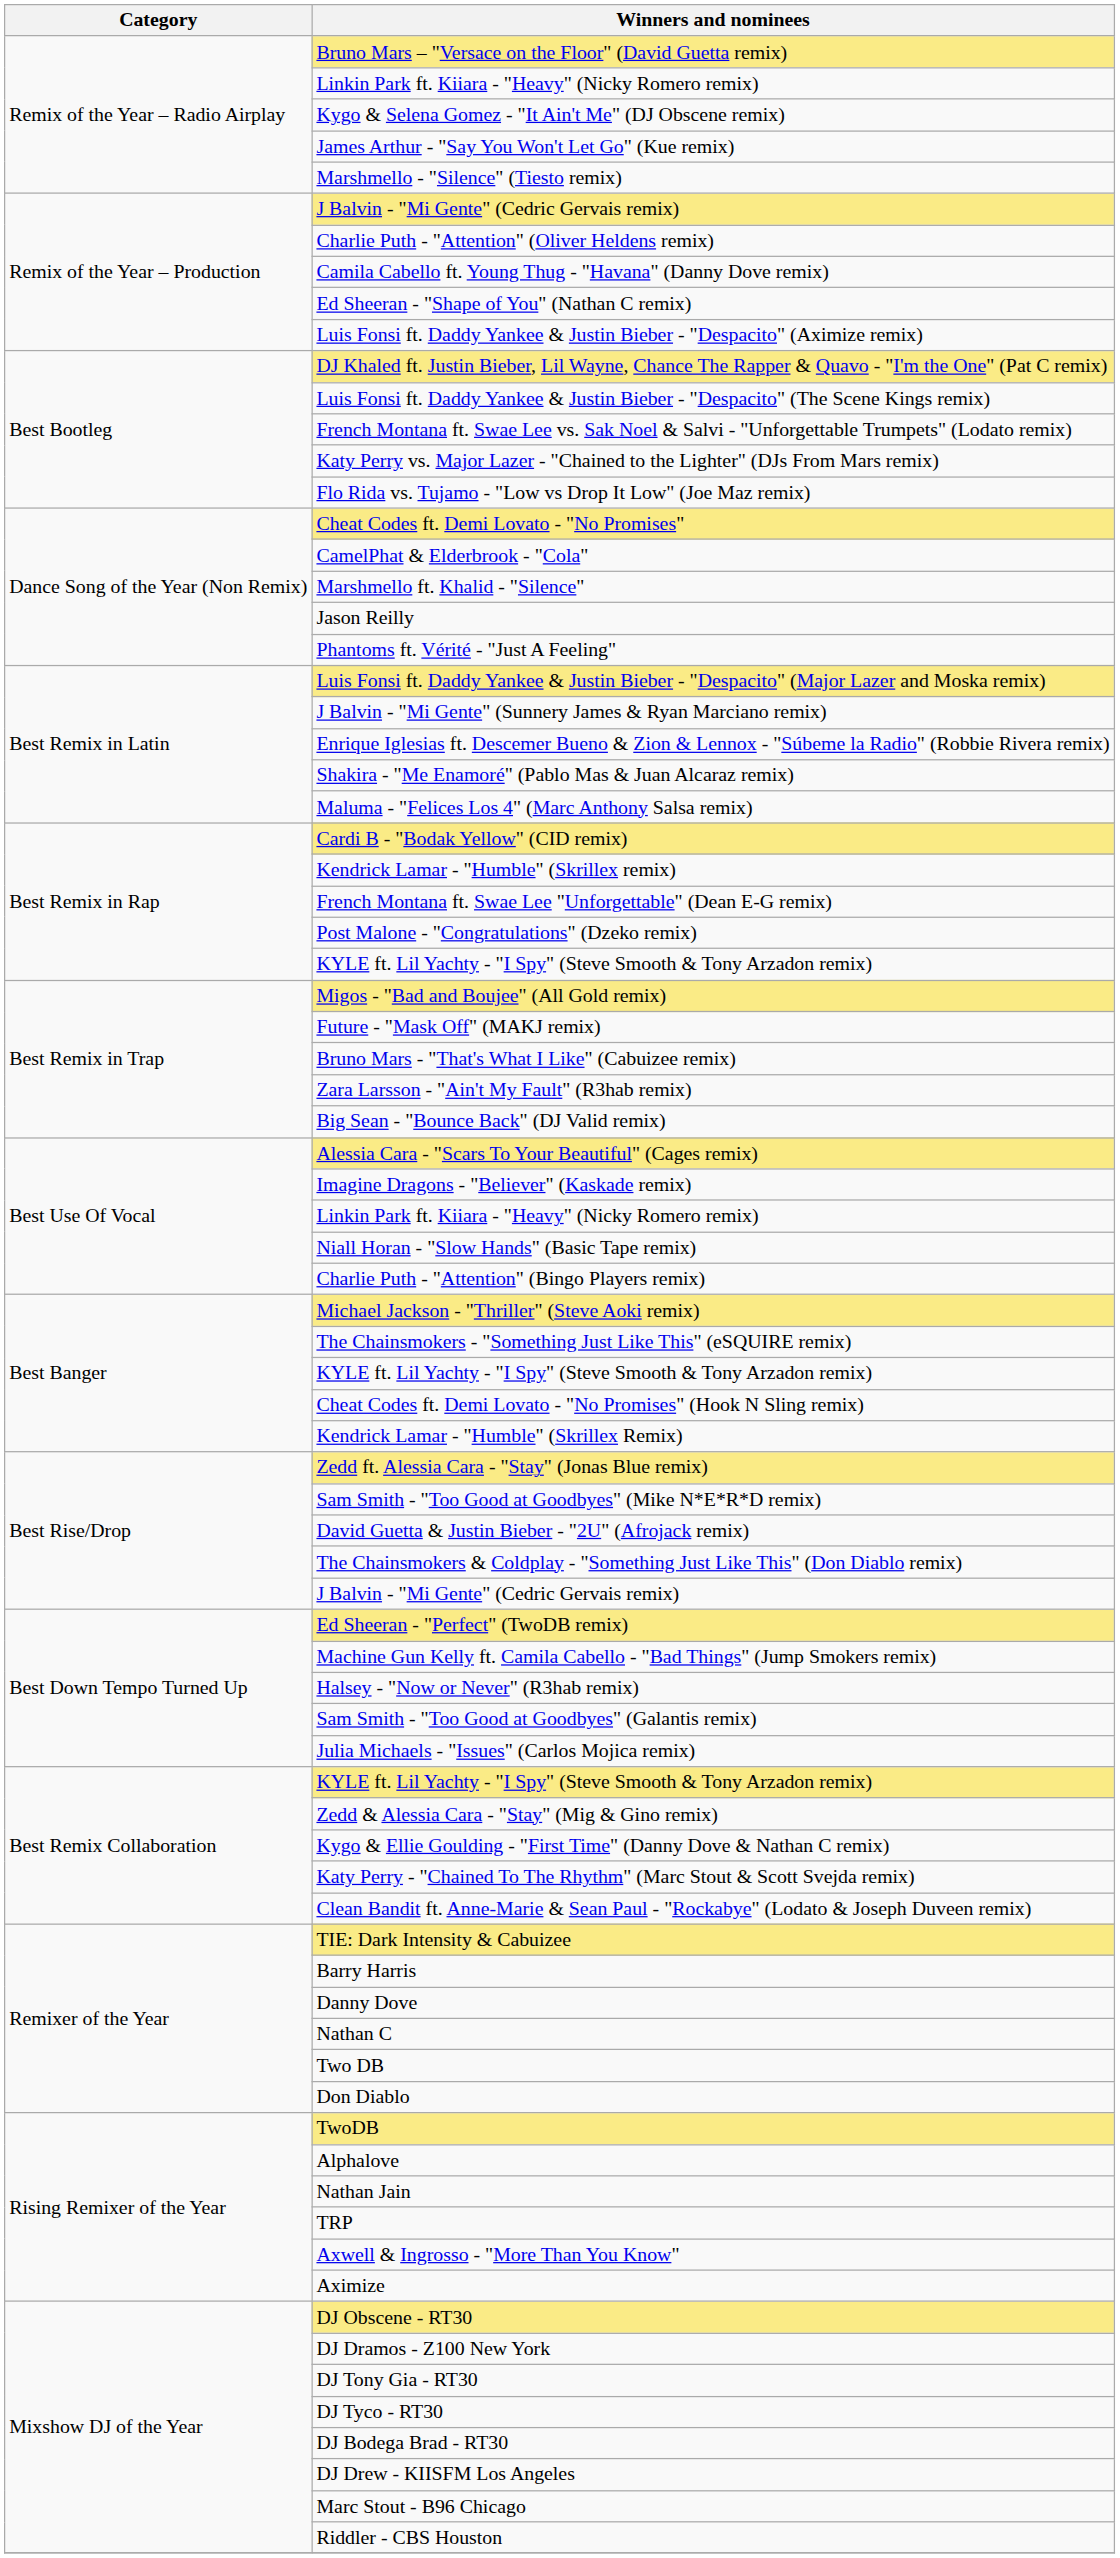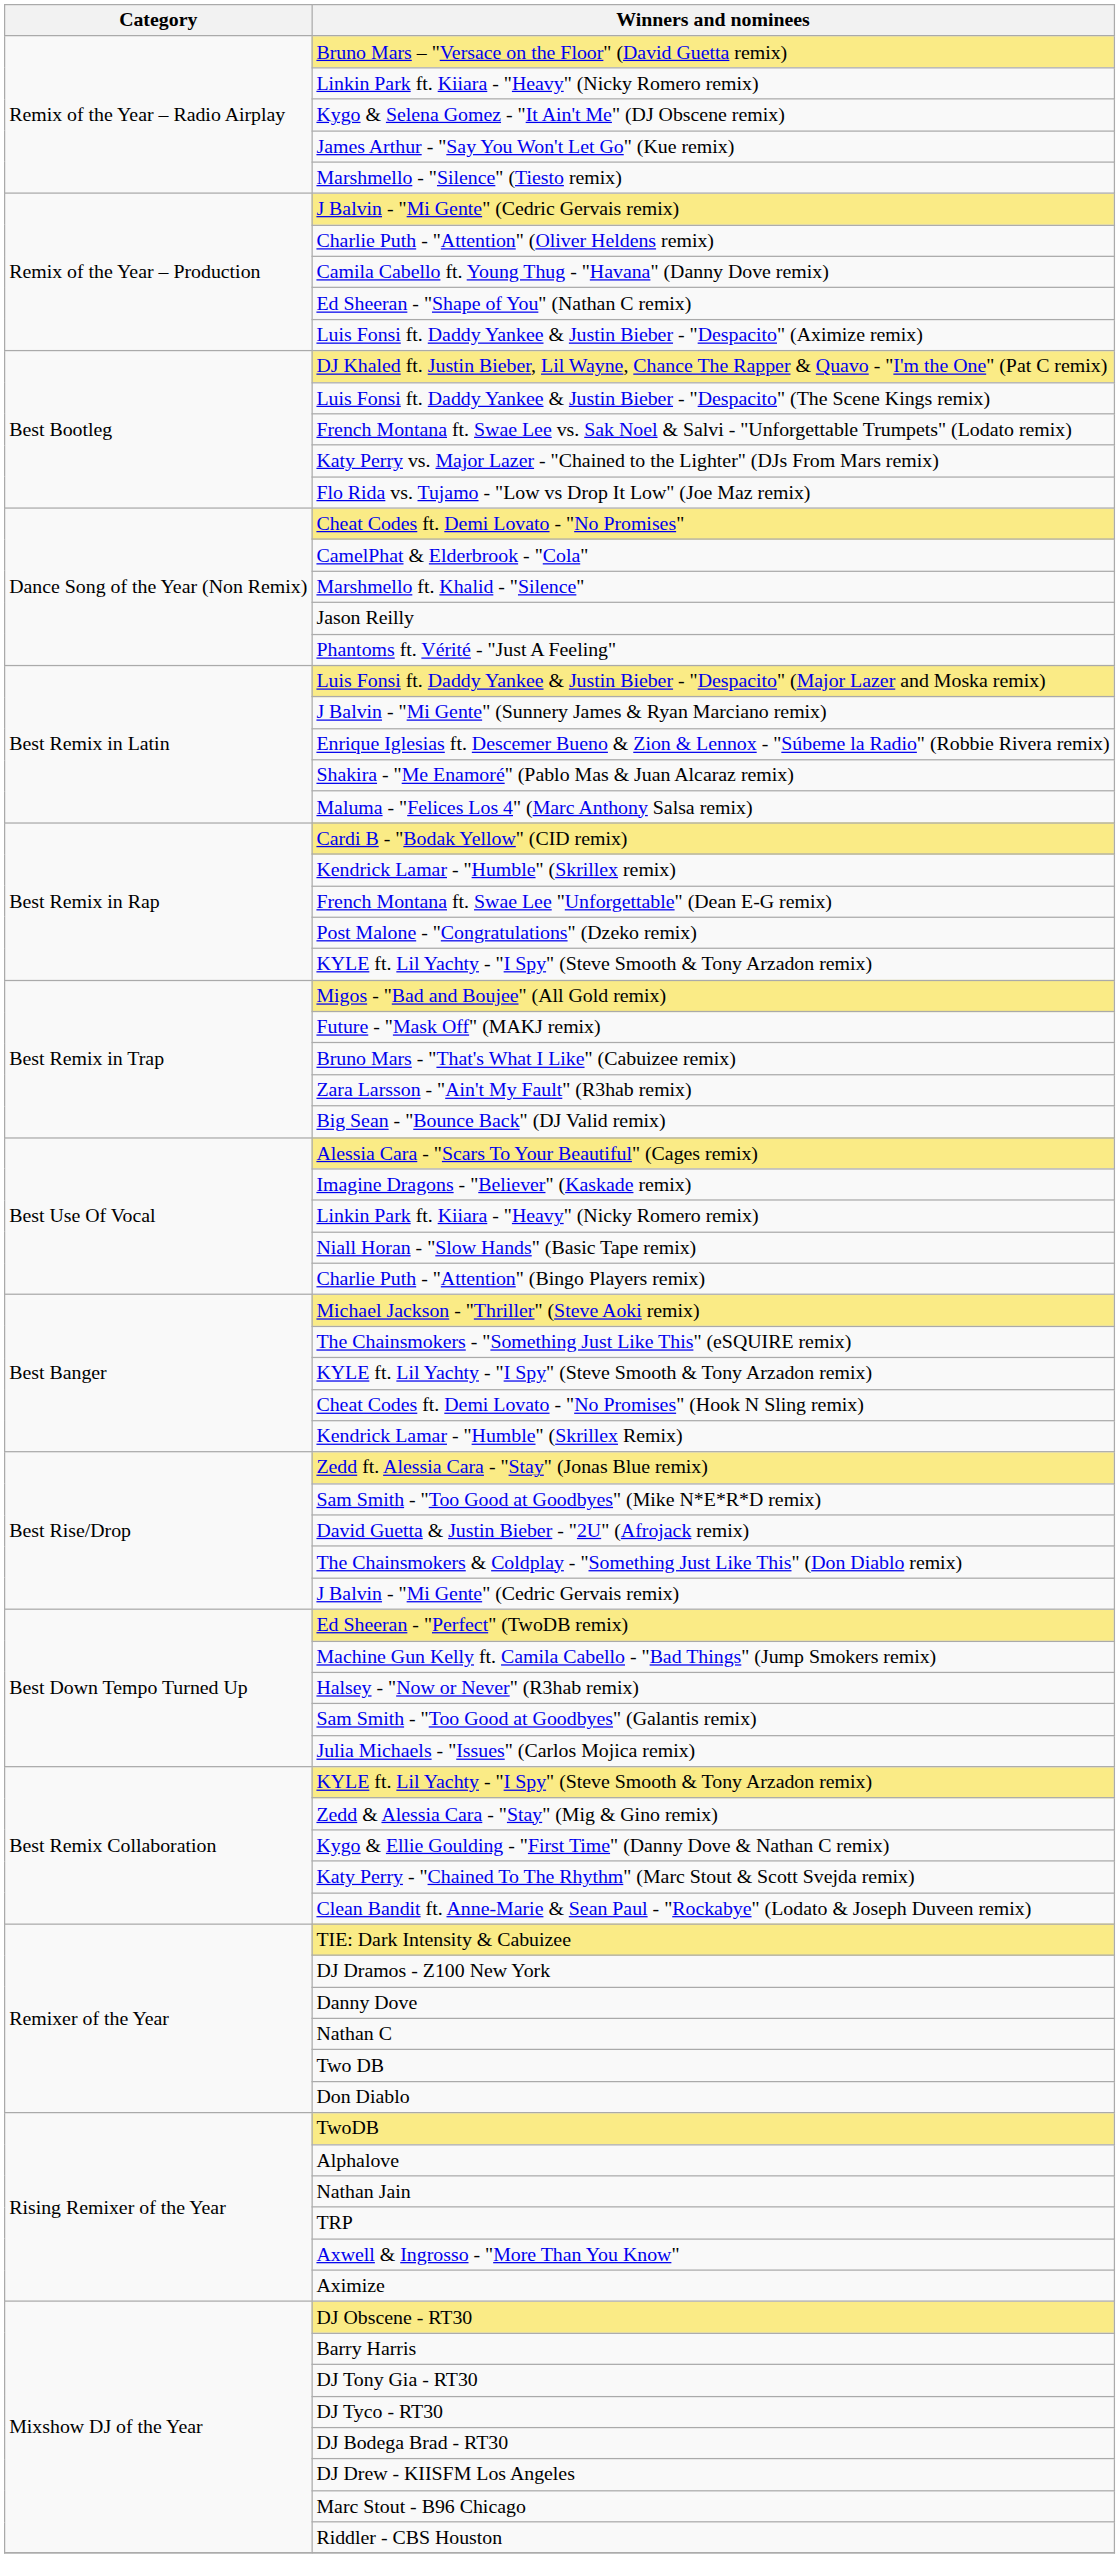 <table class="wikitable">
 <tr>
 <th scope=col>Category</th>
 <th scope=col>Winners and nominees</th>
 </tr>
 <tr>
 <td rowspan="5">Remix of the Year – Radio Airplay</td>
 <td style="background:#FAEB86;"><a href='#'>Bruno Mars</a> – "<a href='#'>Versace on the Floor</a>" (<a href='#'>David Guetta</a> remix)</td>
 </tr>
 <tr>
 <td><a href='#'>Linkin Park</a> ft. <a href='#'>Kiiara</a> - "<a href='#'>Heavy</a>" (Nicky Romero remix)</td>
 </tr>
 <tr>
 <td><a href='#'>Kygo</a> & <a href='#'>Selena Gomez</a> - "<a href='#'>It Ain't Me</a>" (DJ Obscene remix)</td>
 </tr>
 <tr>
 <td><a href='#'>James Arthur</a> - "<a href='#'>Say You Won't Let Go</a>" (Kue remix)</td>
 </tr>
 <tr>
 <td><a href='#'>Marshmello</a> - "<a href='#'>Silence</a>" (<a href='#'>Tiesto</a> remix)</td>
 </tr>
 <tr>
 <td rowspan="5">Remix of the Year – Production</td>
 <td style="background:#FAEB86;"><a href='#'>J Balvin</a> - "<a href='#'>Mi Gente</a>" (Cedric Gervais remix)</td>
 </tr>
 <tr>
 <td><a href='#'>Charlie Puth</a> - "<a href='#'>Attention</a>" (<a href='#'>Oliver Heldens</a> remix)</td>
 </tr>
 <tr>
 <td><a href='#'>Camila Cabello</a> ft. <a href='#'>Young Thug</a>  - "<a href='#'>Havana</a>" (Danny Dove remix)</td>
 </tr>
 <tr>
 <td><a href='#'>Ed Sheeran</a> - "<a href='#'>Shape of You</a>" (Nathan C remix)</td>
 </tr>
 <tr>
 <td><a href='#'>Luis Fonsi</a> ft. <a href='#'>Daddy Yankee</a> & <a href='#'>Justin Bieber</a> - "<a href='#'>Despacito</a>" (Aximize remix)</td>
 </tr>
 <tr>
 <td rowspan="5">Best Bootleg</td>
 <td style="background:#FAEB86;"><a href='#'>DJ Khaled</a> ft. <a href='#'>Justin Bieber</a>, <a href='#'>Lil Wayne</a>, <a href='#'>Chance The Rapper</a> & <a href='#'>Quavo</a> - "<a href='#'>I'm the One</a>" (Pat C remix)</td>
 </tr>
 <tr>
 <td><a href='#'>Luis Fonsi</a> ft. <a href='#'>Daddy Yankee</a> & <a href='#'>Justin Bieber</a> - "<a href='#'>Despacito</a>" (The Scene Kings remix)</td>
 </tr>
 <tr>
 <td><a href='#'>French Montana</a> ft. <a href='#'>Swae Lee</a> vs. <a href='#'>Sak Noel</a> & Salvi - "Unforgettable Trumpets" (Lodato remix)</td>
 </tr>
 <tr>
 <td><a href='#'>Katy Perry</a> vs. <a href='#'>Major Lazer</a> - "Chained to the Lighter" (DJs From Mars remix)</td>
 </tr>
 <tr>
 <td><a href='#'>Flo Rida</a> vs. <a href='#'>Tujamo</a> - "Low vs Drop It Low" (Joe Maz remix)</td>
 </tr>
 <tr>
 <td rowspan="5">Dance Song of the Year (Non Remix)</td>
 <td style="background:#FAEB86;"><a href='#'>Cheat Codes</a> ft. <a href='#'>Demi Lovato</a> - "<a href='#'>No Promises</a>"</td>
 </tr>
 <tr>
 <td><a href='#'>CamelPhat</a> & <a href='#'>Elderbrook</a> - "<a href='#'>Cola</a>"</td>
 </tr>
 <tr>
 <td><a href='#'>Marshmello</a> ft. <a href='#'>Khalid</a> - "<a href='#'>Silence</a>"</td>
 </tr>
 <tr>
 <td>Jason Reilly</td>
 </tr>
 <tr>
 <td><a href='#'>Phantoms</a> ft. <a href='#'>Vérité</a> - "Just A Feeling"</td>
 </tr>
 <tr>
 <td rowspan="5">Best Remix in Latin</td>
 <td style="background:#FAEB86;"><a href='#'>Luis Fonsi</a> ft. <a href='#'>Daddy Yankee</a> & <a href='#'>Justin Bieber</a> - "<a href='#'>Despacito</a>" (<a href='#'>Major Lazer</a> and Moska remix)</td>
 </tr>
 <tr>
 <td><a href='#'>J Balvin</a> - "<a href='#'>Mi Gente</a>" (Sunnery James & Ryan Marciano remix)</td>
 </tr>
 <tr>
 <td><a href='#'>Enrique Iglesias</a> ft. <a href='#'>Descemer Bueno</a> & <a href='#'>Zion & Lennox</a> - "<a href='#'>Súbeme la Radio</a>" (Robbie Rivera remix)</td>
 </tr>
 <tr>
 <td><a href='#'>Shakira</a> - "<a href='#'>Me Enamoré</a>" (Pablo Mas & Juan Alcaraz remix)</td>
 </tr>
 <tr>
 <td><a href='#'>Maluma</a> - "<a href='#'>Felices Los 4</a>" (<a href='#'>Marc Anthony</a> Salsa remix)</td>
 </tr>
 <tr>
 <td rowspan="5">Best Remix in Rap</td>
 <td style="background:#FAEB86;"><a href='#'>Cardi B</a> - "<a href='#'>Bodak Yellow</a>" (CID remix)</td>
 </tr>
 <tr>
 <td><a href='#'>Kendrick Lamar</a> - "<a href='#'>Humble</a>" (<a href='#'>Skrillex</a> remix)</td>
 </tr>
 <tr>
 <td><a href='#'>French Montana</a> ft. <a href='#'>Swae Lee</a> "<a href='#'>Unforgettable</a>" (Dean E-G remix)</td>
 </tr>
 <tr>
 <td><a href='#'>Post Malone</a> - "<a href='#'>Congratulations</a>" (Dzeko remix)</td>
 </tr>
 <tr>
 <td><a href='#'>KYLE</a> ft. <a href='#'>Lil Yachty</a> - "<a href='#'>I Spy</a>" (Steve Smooth & Tony Arzadon remix)</td>
 </tr>
 <tr>
 <td rowspan="5">Best Remix in Trap</td>
 <td style="background:#FAEB86;"><a href='#'>Migos</a> - "<a href='#'>Bad and Boujee</a>" (All Gold remix)</td>
 </tr>
 <tr>
 <td><a href='#'>Future</a> - "<a href='#'>Mask Off</a>" (MAKJ remix)</td>
 </tr>
 <tr>
 <td><a href='#'>Bruno Mars</a> - "<a href='#'>That's What I Like</a>" (Cabuizee remix)</td>
 </tr>
 <tr>
 <td><a href='#'>Zara Larsson</a> - "<a href='#'>Ain't My Fault</a>" (R3hab remix)</td>
 </tr>
 <tr>
 <td><a href='#'>Big Sean</a> - "<a href='#'>Bounce Back</a>" (DJ Valid remix)</td>
 </tr>
 <tr>
 <td rowspan="5">Best Use Of Vocal</td>
 <td style="background:#FAEB86;"><a href='#'>Alessia Cara</a> - "<a href='#'>Scars To Your Beautiful</a>" (Cages remix)</td>
 </tr>
 <tr>
 <td><a href='#'>Imagine Dragons</a> - "<a href='#'>Believer</a>" (<a href='#'>Kaskade</a> remix)</td>
 </tr>
 <tr>
 <td><a href='#'>Linkin Park</a> ft. <a href='#'>Kiiara</a> - "<a href='#'>Heavy</a>" (Nicky Romero remix)</td>
 </tr>
 <tr>
 <td><a href='#'>Niall Horan</a> - "<a href='#'>Slow Hands</a>" (Basic Tape remix)</td>
 </tr>
 <tr>
 <td><a href='#'>Charlie Puth</a> - "<a href='#'>Attention</a>" (Bingo Players remix)</td>
 </tr>
 <tr>
 <td rowspan="5">Best Banger</td>
 <td style="background:#FAEB86;"><a href='#'>Michael Jackson</a> - "<a href='#'>Thriller</a>" (<a href='#'>Steve Aoki</a> remix)</td>
 </tr>
 <tr>
 <td><a href='#'>The Chainsmokers</a> - "<a href='#'>Something Just Like This</a>" (eSQUIRE remix)</td>
 </tr>
 <tr>
 <td><a href='#'>KYLE</a> ft. <a href='#'>Lil Yachty</a> - "<a href='#'>I Spy</a>" (Steve Smooth & Tony Arzadon remix)</td>
 </tr>
 <tr>
 <td><a href='#'>Cheat Codes</a> ft. <a href='#'>Demi Lovato</a> - "<a href='#'>No Promises</a>" (Hook N Sling remix)</td>
 </tr>
 <tr>
 <td><a href='#'>Kendrick Lamar</a> - "<a href='#'>Humble</a>" (<a href='#'>Skrillex</a> Remix)</td>
 </tr>
 <tr>
 <td rowspan="5">Best Rise/Drop</td>
 <td style="background:#FAEB86;"><a href='#'>Zedd</a> ft. <a href='#'>Alessia Cara</a> - "<a href='#'>Stay</a>" (Jonas Blue remix)</td>
 </tr>
 <tr>
 <td><a href='#'>Sam Smith</a> - "<a href='#'>Too Good at Goodbyes</a>" (Mike N*E*R*D remix)</td>
 </tr>
 <tr>
 <td><a href='#'>David Guetta</a> & <a href='#'>Justin Bieber</a> - "<a href='#'>2U</a>" (<a href='#'>Afrojack</a> remix)</td>
 </tr>
 <tr>
 <td><a href='#'>The Chainsmokers</a> & <a href='#'>Coldplay</a> - "<a href='#'>Something Just Like This</a>" (<a href='#'>Don Diablo</a> remix)</td>
 </tr>
 <tr>
 <td><a href='#'>J Balvin</a> - "<a href='#'>Mi Gente</a>" (Cedric Gervais remix)</td>
 </tr>
 <tr>
 <td rowspan="5">Best Down Tempo Turned Up</td>
 <td style="background:#FAEB86;"><a href='#'>Ed Sheeran</a> - "<a href='#'>Perfect</a>" (TwoDB remix)</td>
 </tr>
 <tr>
 <td><a href='#'>Machine Gun Kelly</a> ft. <a href='#'>Camila Cabello</a> - "<a href='#'>Bad Things</a>" (Jump Smokers remix)</td>
 </tr>
 <tr>
 <td><a href='#'>Halsey</a> - "<a href='#'>Now or Never</a>" (R3hab remix)</td>
 </tr>
 <tr>
 <td><a href='#'>Sam Smith</a> - "<a href='#'>Too Good at Goodbyes</a>" (Galantis remix)</td>
 </tr>
 <tr>
 <td><a href='#'>Julia Michaels</a> - "<a href='#'>Issues</a>" (Carlos Mojica remix)</td>
 </tr>
 <tr>
 <td rowspan="5">Best Remix Collaboration</td>
 <td style="background:#FAEB86;"><a href='#'>KYLE</a> ft. <a href='#'>Lil Yachty</a> - "<a href='#'>I Spy</a>" (Steve Smooth & Tony Arzadon remix)</td>
 </tr>
 <tr>
 <td><a href='#'>Zedd</a> & <a href='#'>Alessia Cara</a> - "<a href='#'>Stay</a>" (Mig & Gino remix)</td>
 </tr>
 <tr>
 <td><a href='#'>Kygo</a> & <a href='#'>Ellie Goulding</a> - "<a href='#'>First Time</a>" (Danny Dove & Nathan C remix)</td>
 </tr>
 <tr>
 <td><a href='#'>Katy Perry</a> - "<a href='#'>Chained To The Rhythm</a>" (Marc Stout & Scott Svejda remix)</td>
 </tr>
 <tr>
 <td><a href='#'>Clean Bandit</a> ft. <a href='#'>Anne-Marie</a> & <a href='#'>Sean Paul</a> - "<a href='#'>Rockabye</a>" (Lodato & Joseph Duveen remix)</td>
 </tr>
 <tr>
 <td rowspan="6">Remixer of the Year</td>
 <td style="background:#FAEB86;">TIE: Dark Intensity & Cabuizee</td>
 </tr>
 <tr>
-<td>Barry Harris</td>
+<td>DJ Dramos - Z100 New York</td>
 </tr>
 <tr>
 <td>Danny Dove</td>
 </tr>
 <tr>
 <td>Nathan C</td>
 </tr>
 <tr>
 <td>Two DB</td>
 </tr>
 <tr>
 <td>Don Diablo</td>
 </tr>
 <tr>
 <td rowspan="6">Rising Remixer of the Year</td>
 <td style="background:#FAEB86;">TwoDB</td>
 </tr>
 <tr>
 <td>Alphalove</td>
 </tr>
 <tr>
 <td>Nathan Jain</td>
 </tr>
 <tr>
 <td>TRP</td>
 </tr>
 <tr>
 <td><a href='#'>Axwell</a> & <a href='#'>Ingrosso</a> - "<a href='#'>More Than You Know</a>"</td>
 </tr>
 <tr>
 <td>Aximize</td>
 </tr>
 <tr>
 <td rowspan="8">Mixshow DJ of the Year</td>
 <td style="background:#FAEB86;">DJ Obscene - RT30</td>
 </tr>
 <tr>
-<td>DJ Dramos - Z100 New York</td>
+<td>Barry Harris</td>
 </tr>
 <tr>
 <td>DJ Tony Gia - RT30</td>
 </tr>
 <tr>
 <td>DJ Tyco - RT30</td>
 </tr>
 <tr>
 <td>DJ Bodega Brad - RT30</td>
 </tr>
 <tr>
 <td>DJ Drew - KIISFM Los Angeles</td>
 </tr>
 <tr>
 <td>Marc Stout - B96 Chicago</td>
 </tr>
 <tr>
 <td>Riddler - CBS Houston</td>
 </tr>
 <tr>
 </tr>
 </table>
